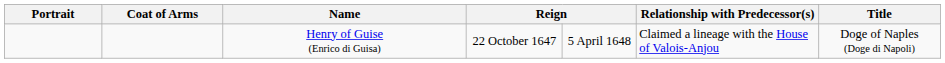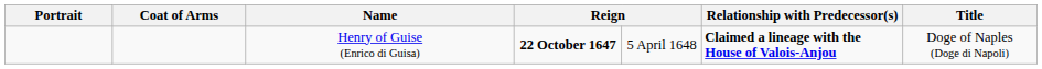 <table width=95% class="wikitable">
 <tr>
 <th width=8%>Portrait</th>
 <th width=10%>Coat of Arms</th>
 <th width=20%>Name</th>
 <th colspan=2 width=14%>Reign</th>
 <th width=15%>Relationship with Predecessor(s)</th>
 <th width=10%>Title</th>
 </tr>
 <tr>
 <td align="center"></td>
 <td align="center"></td>
 <td align="center"><a href='#'>Henry of Guise</a><br><small>(Enrico di Guisa)</small></td>
-<td align="center">22 October 1647</td>
+<td align="center"><strong>22 October 1647</strong></td>
 <td align="center">5 April 1648</td>
-<td>Claimed a lineage with the <a href='#'>House of Valois-Anjou</a></td>
+<td><strong>Claimed a lineage with the <a href='#'>House of Valois-Anjou</a></strong></td>
 <td align="center">Doge of Naples<br><small>(Doge di Napoli)</small></td>
 </tr>
 </table>
